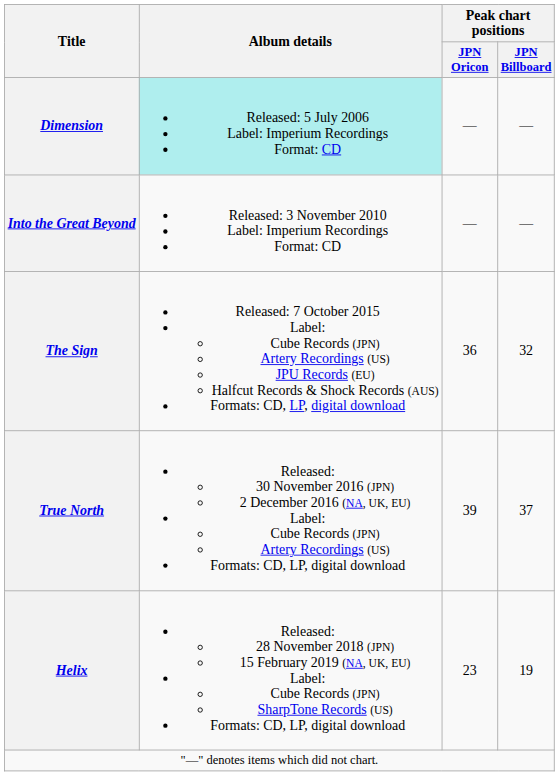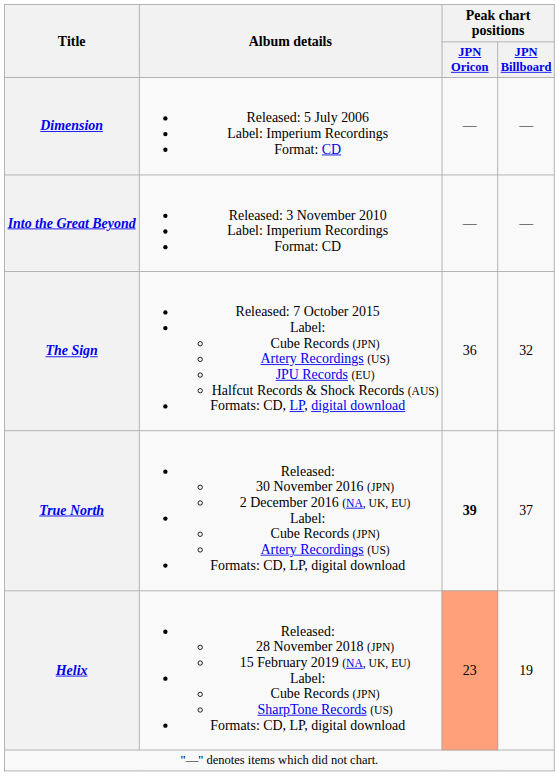 <table class="wikitable plainrowheaders" style="text-align:center;">
 <tr>
 <th rowspan="2">Title</th>
 <th rowspan="2">Album details</th>
 <th colspan="2">Peak chart positions</th>
 </tr>
 <tr>
 <th scope="col" style="width:4em;font-size:90%;"><a href='#'>JPN<br>Oricon</a><br></th>
 <th scope="col" style="width:4em;font-size:90%;"><a href='#'>JPN<br>Billboard</a></th>
 </tr>
 <tr>
 <th scope="row"><em><a href='#'>Dimension</a></em></th>
-<td style="background: paleturquoise;"><br><ul><li>Released: 5 July 2006</li><li>Label: Imperium Recordings</li><li>Format: <a href='#'>CD</a></li></ul></td>
+<td><br><ul><li>Released: 5 July 2006</li><li>Label: Imperium Recordings</li><li>Format: <a href='#'>CD</a></li></ul></td>
 <td>—</td>
 <td>—</td>
 </tr>
 <tr>
 <th scope="row"><em><a href='#'>Into the Great Beyond</a></em></th>
 <td><br><ul><li>Released: 3 November 2010</li><li>Label: Imperium Recordings</li><li>Format: CD</li></ul></td>
 <td>—</td>
 <td>—</td>
 </tr>
 <tr>
 <th scope="row"><em><a href='#'>The Sign</a></em></th>
 <td><br><ul><li>Released: 7 October 2015</li><li>Label:<ul><li>Cube Records <small>(JPN)</small></li><li><a href='#'>Artery Recordings</a> <small>(US)</small></li><li><a href='#'>JPU Records</a> <small>(EU)</small></li><li>Halfcut Records & Shock Records <small>(AUS)</small></li></ul></li><li>Formats: CD, <a href='#'>LP</a>, <a href='#'>digital download</a></li></ul></td>
 <td>36</td>
 <td>32</td>
 </tr>
 <tr>
 <th scope="row"><em><a href='#'>True North</a></em></th>
 <td><br><ul><li>Released:<ul><li>30 November 2016 <small>(JPN)</small></li><li>2 December 2016 <small>(<a href='#'>NA</a>, UK, EU)</small></li></ul></li><li>Label:<ul><li>Cube Records <small>(JPN)</small></li><li><a href='#'>Artery Recordings</a> <small>(US)</small></li></ul></li><li>Formats: CD, LP, digital download</li></ul></td>
-<td>39</td>
+<td><strong>39</strong></td>
 <td>37</td>
 </tr>
 <tr>
 <th scope="row"><em><a href='#'>Helix</a></em></th>
 <td><br><ul><li>Released:<ul><li>28 November 2018 <small>(JPN)</small></li><li>15 February 2019 <small>(<a href='#'>NA</a>, UK, EU)</small></li></ul></li><li>Label:<ul><li>Cube Records <small>(JPN)</small></li><li><a href='#'>SharpTone Records</a> <small>(US)</small></li></ul></li><li>Formats: CD, LP, digital download</li></ul></td>
-<td>23</td>
+<td style="background: lightsalmon;">23</td>
 <td>19</td>
 </tr>
 <tr>
 <td colspan="12" align="center" style="font-size:90%;">"—" denotes items which did not chart.</td>
 </tr>
 </table>
